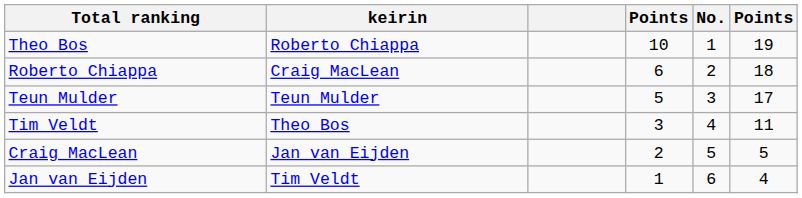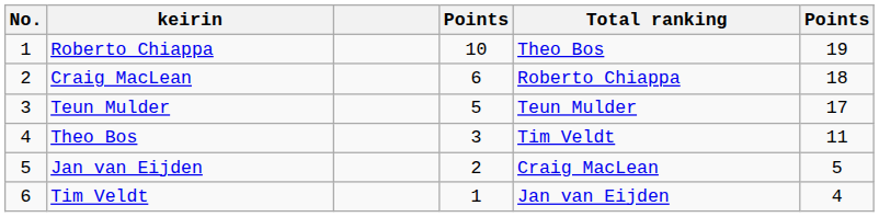 <table class="wikitable">
 <tr>
-<th width="200px">Total ranking</th>
+<th width="20px">No.</th>
 <th width="200px">keirin</th>
 <th width="70px"></th>
 <th width="40px">Points</th>
-<th width="20px">No.</th>
+<th width="200px">Total ranking</th>
 <th width="40px">Points</th>
 </tr>
 <tr align=center>
-<td align=left> <a href='#'>Theo Bos</a></td>
+<td>1</td>
 <td align=left> <a href='#'>Roberto Chiappa</a></td>
 <td></td>
 <td>10</td>
-<td>1</td>
+<td align=left> <a href='#'>Theo Bos</a></td>
 <td>19</td>
 </tr>
 <tr align=center>
-<td align=left> <a href='#'>Roberto Chiappa</a></td>
+<td>2</td>
 <td align=left> <a href='#'>Craig MacLean</a></td>
 <td></td>
 <td>6</td>
-<td>2</td>
+<td align=left> <a href='#'>Roberto Chiappa</a></td>
 <td>18</td>
 </tr>
 <tr align=center>
-<td align=left> <a href='#'>Teun Mulder</a></td>
+<td>3</td>
 <td align=left> <a href='#'>Teun Mulder</a></td>
 <td></td>
 <td>5</td>
-<td>3</td>
+<td align=left> <a href='#'>Teun Mulder</a></td>
 <td>17</td>
 </tr>
 <tr align=center>
-<td align=left> <a href='#'>Tim Veldt</a></td>
+<td>4</td>
 <td align=left> <a href='#'>Theo Bos</a></td>
 <td></td>
 <td>3</td>
-<td>4</td>
+<td align=left> <a href='#'>Tim Veldt</a></td>
 <td>11</td>
 </tr>
 <tr align=center>
-<td align=left> <a href='#'>Craig MacLean</a></td>
+<td>5</td>
 <td align=left> <a href='#'>Jan van Eijden</a></td>
 <td></td>
 <td>2</td>
-<td>5</td>
+<td align=left> <a href='#'>Craig MacLean</a></td>
 <td>5</td>
 </tr>
 <tr align=center>
-<td align=left> <a href='#'>Jan van Eijden</a></td>
+<td>6</td>
 <td align=left> <a href='#'>Tim Veldt</a></td>
 <td></td>
 <td>1</td>
-<td>6</td>
+<td align=left> <a href='#'>Jan van Eijden</a></td>
 <td>4</td>
 </tr>
 </table>
